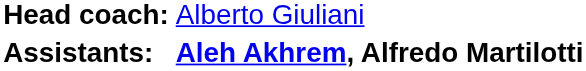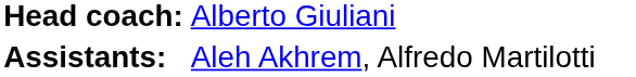 <table>
 <tr>
 <td><strong>Head coach:</strong></td>
 <td> <a href='#'>Alberto Giuliani</a></td>
 </tr>
 <tr>
 <td><strong>Assistants:</strong></td>
-<td><strong> <a href='#'>Aleh Akhrem</a>,  Alfredo Martilotti</strong></td>
+<td> <a href='#'>Aleh Akhrem</a>,  Alfredo Martilotti</td>
 </tr>
 </table>
